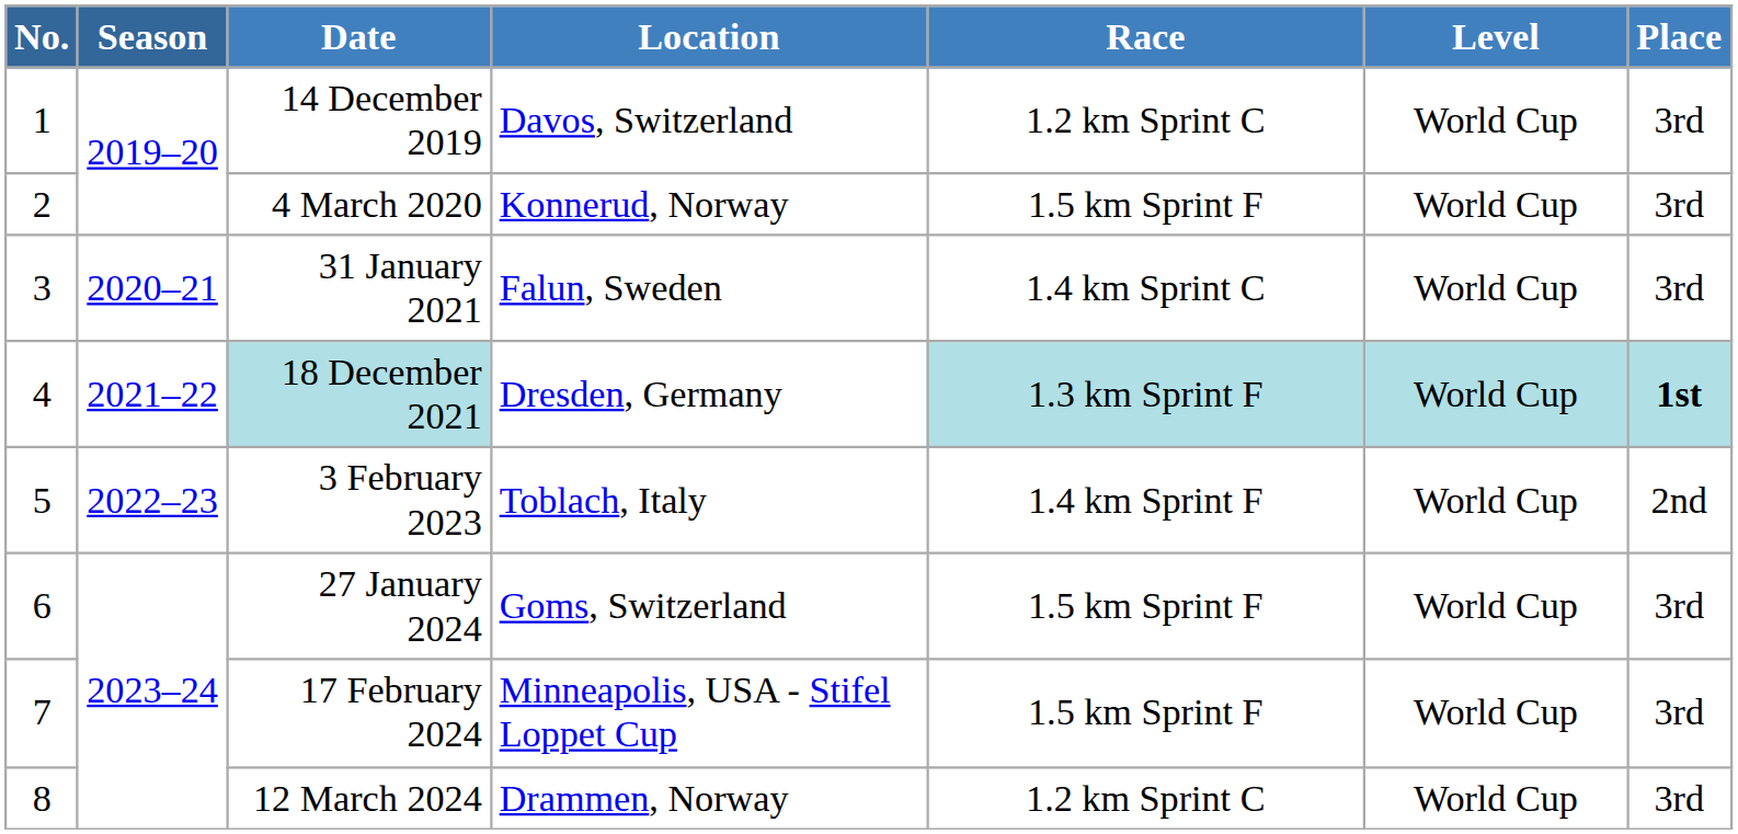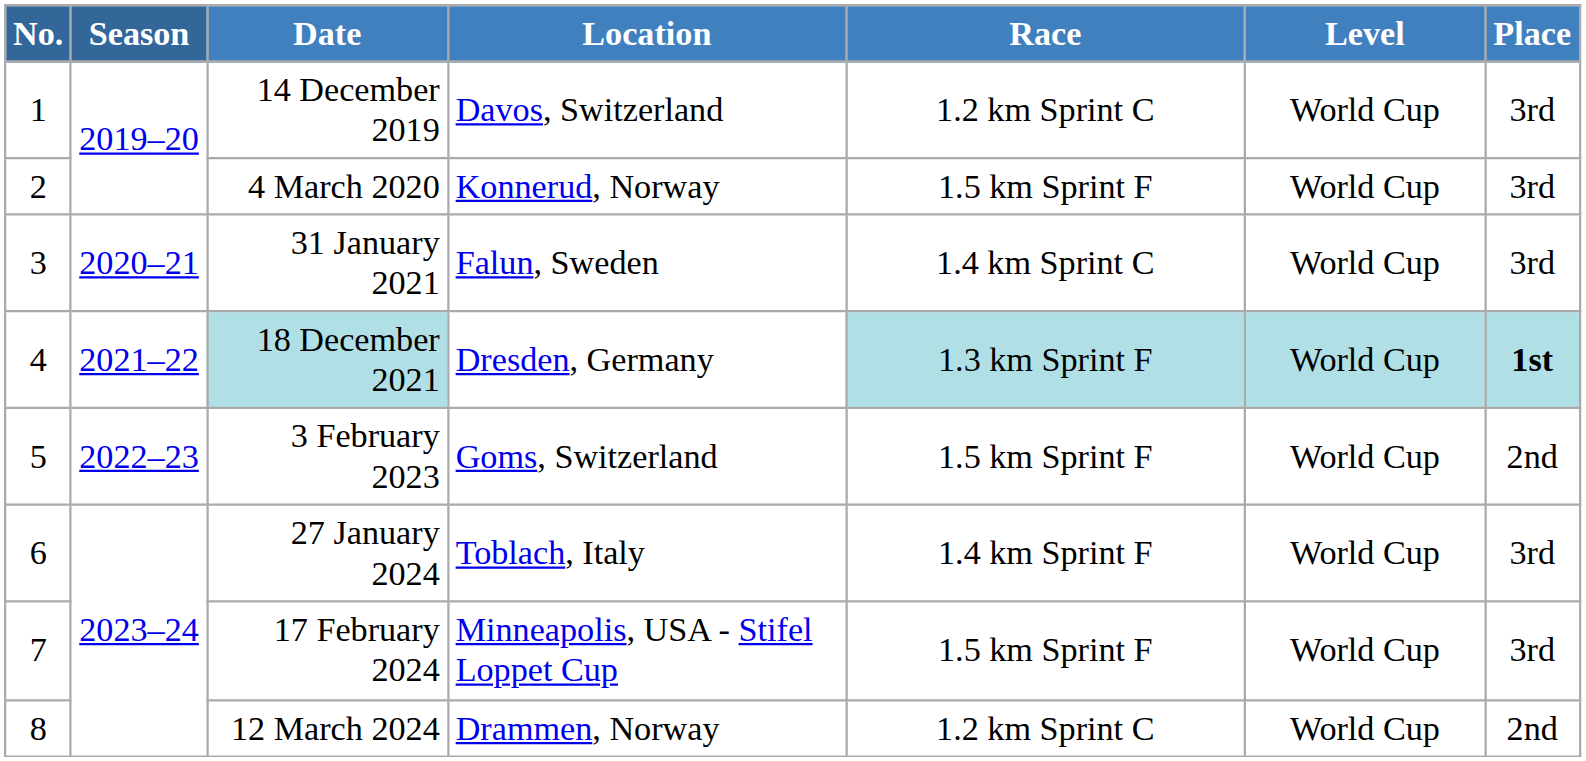 <table class="wikitable sortable" style="font-size:95%; text-align:center; border:grey solid 1px; border-collapse:collapse; background:#ffffff;">
 <tr style="background:#efefef;">
 <th style="background-color:#369; color:white;">No.</th>
 <th style="background-color:#369; color:white;">Season</th>
 <th style="background-color:#4180be; color:white; width:100px;">Date</th>
 <th style="background-color:#4180be; color:white; width:170px;">Location</th>
 <th style="background-color:#4180be; color:white; width:170px;">Race</th>
 <th style="background-color:#4180be; color:white; width:100px;">Level</th>
 <th style="background-color:#4180be; color:white;">Place</th>
 </tr>
 <tr>
 <td align=center>1</td>
 <td rowspan=2 align=center><a href='#'>2019–20</a></td>
 <td align=right>14 December 2019</td>
 <td align=left> <a href='#'>Davos</a>, Switzerland</td>
 <td>1.2 km Sprint C</td>
 <td>World Cup</td>
 <td>3rd</td>
 </tr>
 <tr>
 <td align=center>2</td>
 <td align=right>4 March 2020</td>
 <td align=left> <a href='#'>Konnerud</a>, Norway</td>
 <td>1.5 km Sprint F</td>
 <td>World Cup</td>
 <td>3rd</td>
 </tr>
 <tr>
 <td align=center>3</td>
 <td align=center><a href='#'>2020–21</a></td>
 <td align=right>31 January 2021</td>
 <td align=left> <a href='#'>Falun</a>, Sweden</td>
 <td>1.4 km Sprint C</td>
 <td>World Cup</td>
 <td>3rd</td>
 </tr>
 <tr>
 <td align=center>4</td>
 <td rowspan=1 align=center><a href='#'>2021–22</a></td>
 <td bgcolor="#BOEOE6" align=right>18 December 2021</td>
 <td align=left> <a href='#'>Dresden</a>, Germany</td>
 <td bgcolor="#BOEOE6">1.3 km Sprint F</td>
 <td bgcolor="#BOEOE6">World Cup</td>
 <td bgcolor="#BOEOE6"><strong>1st</strong></td>
 </tr>
 <tr>
 <td align=center>5</td>
 <td rowspan=1 align=center><a href='#'>2022–23</a></td>
 <td align=right>3 February 2023</td>
-<td align=left> <a href='#'>Toblach</a>, Italy</td>
-<td>1.4 km Sprint F</td>
+<td align=left> <a href='#'>Goms</a>, Switzerland</td>
+<td>1.5 km Sprint F</td>
 <td>World Cup</td>
 <td>2nd</td>
 </tr>
 <tr>
 <td align=center>6</td>
 <td rowspan=3 align=center><a href='#'>2023–24</a></td>
 <td align=right>27 January 2024</td>
-<td align=left> <a href='#'>Goms</a>, Switzerland</td>
-<td>1.5 km Sprint F</td>
+<td align=left> <a href='#'>Toblach</a>, Italy</td>
+<td>1.4 km Sprint F</td>
 <td>World Cup</td>
 <td>3rd</td>
 </tr>
 <tr>
 <td align=center>7</td>
 <td align=right>17 February 2024</td>
 <td align=left> <a href='#'>Minneapolis</a>, USA - <a href='#'>Stifel Loppet Cup</a></td>
 <td>1.5 km Sprint F</td>
 <td>World Cup</td>
 <td>3rd</td>
 </tr>
 <tr>
 <td align=center>8</td>
 <td align=right>12 March 2024</td>
 <td align=left> <a href='#'>Drammen</a>, Norway</td>
 <td>1.2 km Sprint C</td>
 <td>World Cup</td>
-<td>3rd</td>
+<td>2nd</td>
 </tr>
 </table>
